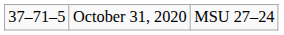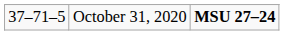 <table class="wikitable">
 <tr align="center">
 </tr>
 <tr align="center">
 <td>37–71–5</td>
 <td>October 31, 2020</td>
-<td>MSU 27–24</td>
+<td><strong>MSU 27–24</strong></td>
 </tr>
 </table>
